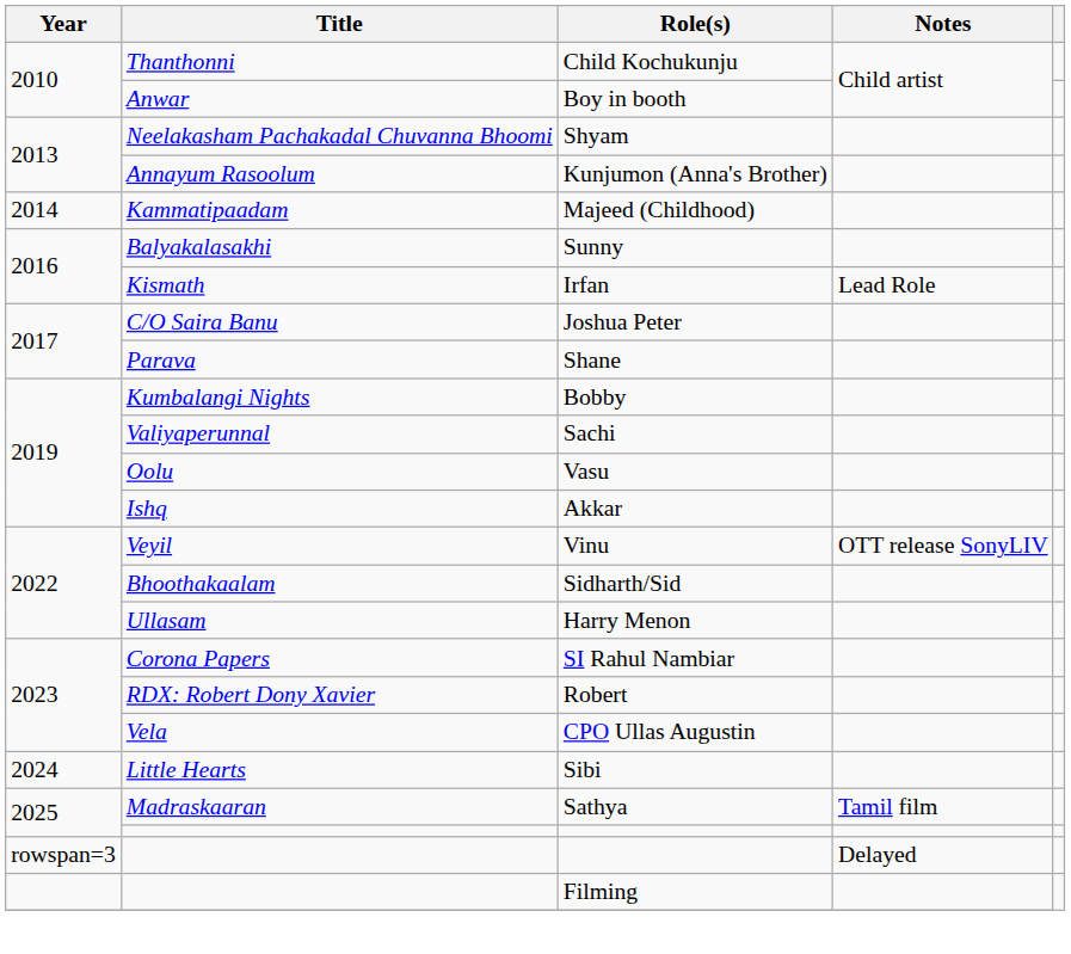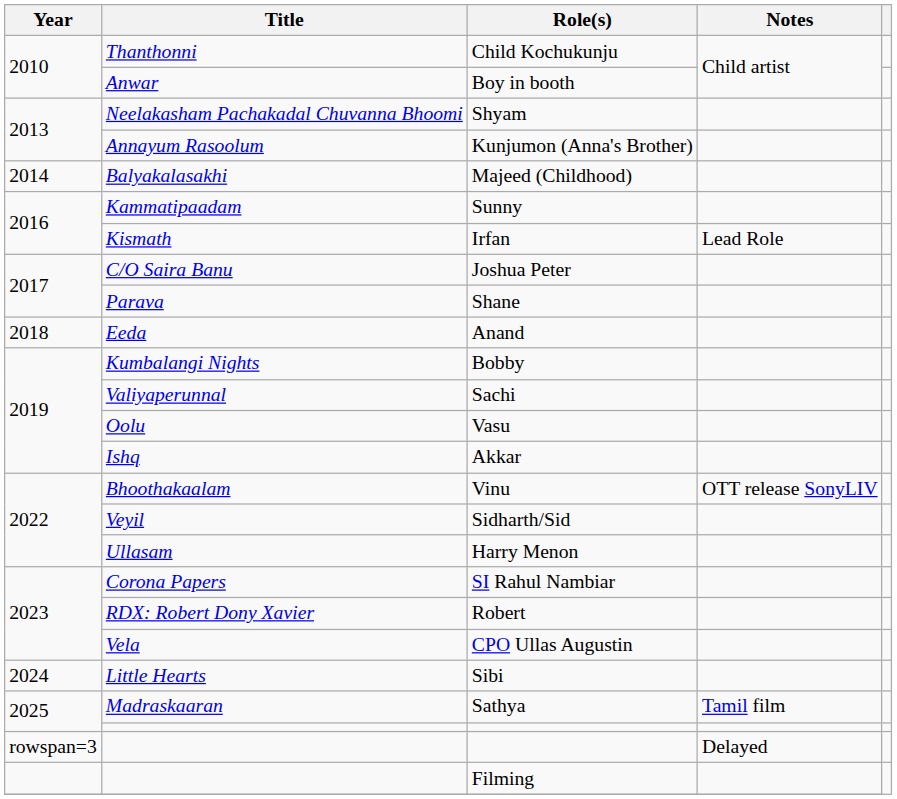 <table class="wikitable sortable">
 <tr>
 <th scope="col">Year</th>
 <th scope="col">Title</th>
 <th scope="col">Role(s)</th>
 <th scope="col" class="unsortable">Notes</th>
 <th scope="col" class="unsortable"></th>
 </tr>
 <tr>
 <td rowspan="2">2010</td>
 <td><em><a href='#'>Thanthonni</a></em></td>
 <td>Child Kochukunju</td>
 <td rowspan="2">Child artist</td>
 <td></td>
 </tr>
 <tr>
 <td><em><a href='#'>Anwar</a></em></td>
 <td>Boy in booth</td>
 <td></td>
 </tr>
 <tr>
 <td rowspan="2">2013</td>
 <td><em><a href='#'>Neelakasham Pachakadal Chuvanna Bhoomi</a></em></td>
 <td>Shyam</td>
 <td></td>
 <td></td>
 </tr>
 <tr>
 <td><em><a href='#'>Annayum Rasoolum</a></em></td>
 <td>Kunjumon (Anna's Brother)</td>
 <td></td>
 <td></td>
 </tr>
 <tr>
 <td>2014</td>
-<td><em><a href='#'>Kammatipaadam</a></em></td>
+<td><em><a href='#'>Balyakalasakhi</a></em></td>
 <td>Majeed (Childhood)</td>
 <td></td>
 <td></td>
 </tr>
 <tr>
 <td rowspan="2">2016</td>
-<td><em><a href='#'>Balyakalasakhi</a></em></td>
+<td><em><a href='#'>Kammatipaadam</a></em></td>
 <td>Sunny</td>
 <td></td>
 <td></td>
 </tr>
 <tr>
 <td><em><a href='#'>Kismath</a></em></td>
 <td>Irfan</td>
 <td>Lead Role</td>
 <td></td>
 </tr>
 <tr>
 <td rowspan="2">2017</td>
 <td><em><a href='#'>C/O Saira Banu</a></em></td>
 <td>Joshua Peter</td>
 <td></td>
 <td></td>
 </tr>
 <tr>
 <td><a href='#'><em>Parava</em></a></td>
 <td>Shane</td>
+<td></td>
+<td></td>
+</tr>
+<tr>
+<td>2018</td>
+<td><em><a href='#'>Eeda</a></em></td>
+<td>Anand</td>
 <td></td>
 <td></td>
 </tr>
 <tr>
 <td rowspan="4">2019</td>
 <td><em><a href='#'>Kumbalangi Nights</a></em></td>
 <td>Bobby</td>
 <td></td>
 <td></td>
 </tr>
 <tr>
 <td><em><a href='#'>Valiyaperunnal</a></em></td>
 <td>Sachi</td>
 <td></td>
 <td></td>
 </tr>
 <tr>
 <td><em><a href='#'>Oolu</a></em></td>
 <td>Vasu</td>
 <td></td>
 <td></td>
 </tr>
 <tr>
 <td><em><a href='#'>Ishq</a></em></td>
 <td>Akkar</td>
 <td></td>
 <td></td>
 </tr>
 <tr>
 <td rowspan=3>2022</td>
-<td><em><a href='#'>Veyil</a></em></td>
+<td><em><a href='#'>Bhoothakaalam</a></em></td>
 <td>Vinu</td>
 <td>OTT release <a href='#'>SonyLIV</a></td>
 <td></td>
 </tr>
 <tr>
-<td><em><a href='#'>Bhoothakaalam</a></em></td>
+<td><em><a href='#'>Veyil</a></em></td>
 <td>Sidharth/Sid</td>
 <td></td>
 <td></td>
 </tr>
 <tr>
 <td><em><a href='#'>Ullasam</a></em></td>
 <td>Harry Menon</td>
 <td></td>
 <td></td>
 </tr>
 <tr>
 <td rowspan=3>2023</td>
 <td><em><a href='#'>Corona Papers</a></em></td>
 <td><a href='#'>SI</a> Rahul Nambiar</td>
 <td></td>
 <td></td>
 </tr>
 <tr>
 <td><em><a href='#'>RDX: Robert Dony Xavier</a></em></td>
 <td>Robert</td>
 <td></td>
 <td></td>
 </tr>
 <tr>
 <td><em><a href='#'>Vela</a></em></td>
 <td><a href='#'>CPO</a> Ullas Augustin</td>
 <td></td>
 <td></td>
 </tr>
 <tr>
 <td>2024</td>
 <td><em><a href='#'>Little Hearts</a></em></td>
 <td>Sibi</td>
 <td></td>
 <td></td>
 </tr>
 <tr>
 <td rowspan=2>2025</td>
 <td><em><a href='#'>Madraskaaran</a></em></td>
 <td>Sathya</td>
 <td><a href='#'>Tamil</a> film</td>
 <td></td>
 </tr>
 <tr>
 <td></td>
 <td></td>
 <td></td>
 <td></td>
 </tr>
 <tr>
 <td>rowspan=3 </td>
 <td></td>
 <td></td>
 <td>Delayed</td>
 <td></td>
 </tr>
 <tr>
 <td></td>
 <td></td>
 <td>Filming</td>
 <td></td>
 </tr>
 <tr>
 </tr>
 </table>
